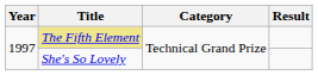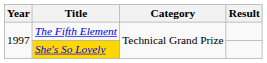 <table class="wikitable">
 <tr>
 <th>Year</th>
 <th>Title</th>
 <th>Category</th>
 <th>Result</th>
 </tr>
 <tr>
 <td rowspan=2>1997</td>
-<td style="background: khaki;"><em><a href='#'>The Fifth Element</a></em></td>
+<td><em><a href='#'>The Fifth Element</a></em></td>
 <td rowspan=2>Technical Grand Prize</td>
 <td></td>
 </tr>
 <tr>
-<td><em><a href='#'>She's So Lovely</a></em></td>
+<td style="background: gold;"><em><a href='#'>She's So Lovely</a></em></td>
 <td></td>
 </tr>
 </table>
